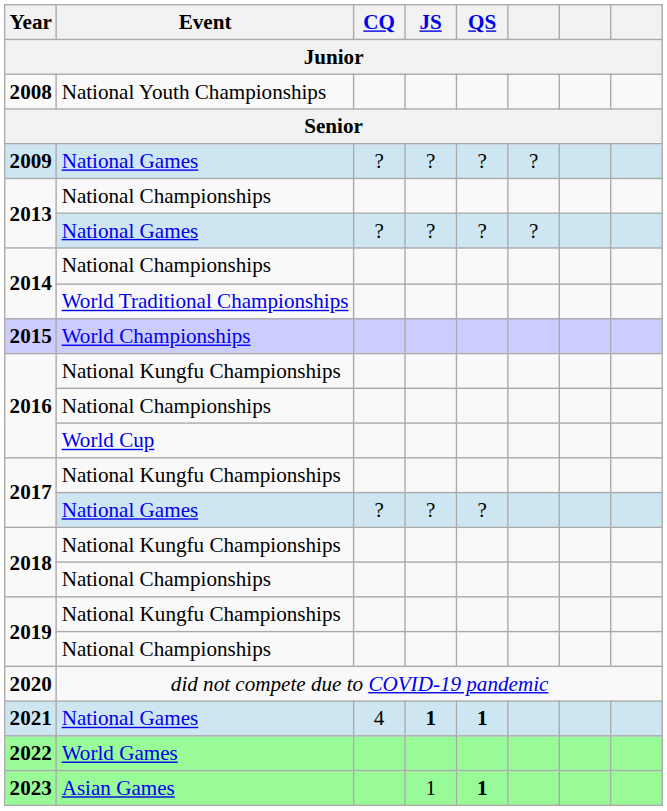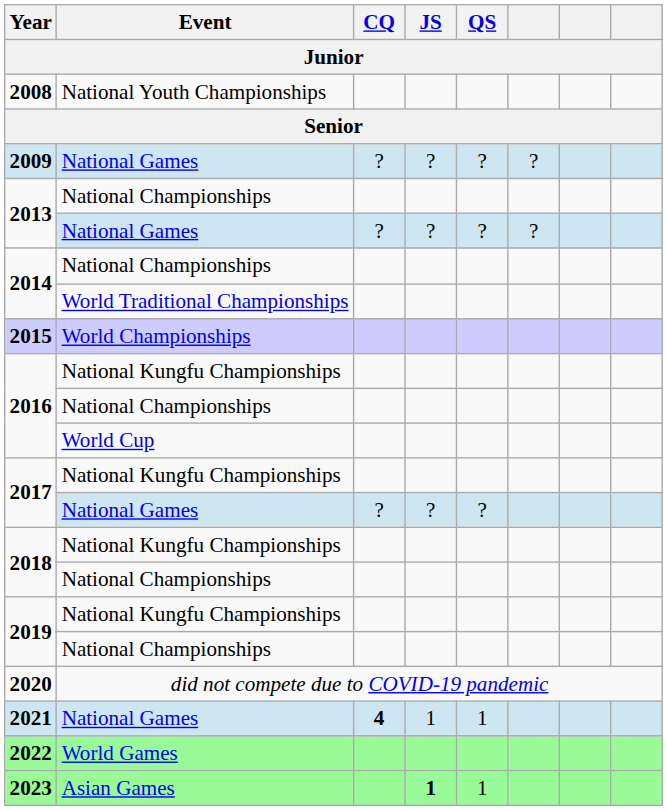 <table class="wikitable" style="text-align:center; font-size:95%;">
 <tr>
 <th align="center">Year</th>
 <th align="center">Event</th>
 <th style="width:30px;"><a href='#'>CQ</a></th>
 <th style="width:30px;"><a href='#'>JS</a></th>
 <th style="width:30px;"><a href='#'>QS</a></th>
 <th style="width:30px;"></th>
 <th style="width:30px;"></th>
 <th style="width:30px;"></th>
 </tr>
 <tr>
 <th colspan="8"><strong>Junior</strong></th>
 </tr>
 <tr>
 <td><strong>2008</strong></td>
 <td align="left">National Youth Championships</td>
 <td></td>
 <td></td>
 <td></td>
 <td></td>
 <td></td>
 <td></td>
 </tr>
 <tr>
 <th colspan="8"><strong>Senior</strong></th>
 </tr>
 <tr style="background:#CEE6F2;">
 <td><strong>2009</strong></td>
 <td align="left"><a href='#'>National Games</a></td>
 <td>?</td>
 <td>?</td>
 <td>?</td>
 <td>?</td>
 <td></td>
 <td></td>
 </tr>
 <tr>
 <td rowspan="2"><strong>2013</strong></td>
 <td align="left">National Championships</td>
 <td></td>
 <td></td>
 <td></td>
 <td></td>
 <td></td>
 <td></td>
 </tr>
 <tr style="background:#CEE6F2">
 <td align="left"><a href='#'>National Games</a></td>
 <td>?</td>
 <td>?</td>
 <td>?</td>
 <td>?</td>
 <td></td>
 <td></td>
 </tr>
 <tr>
 <td rowspan="2"><strong>2014</strong></td>
 <td align="left">National Championships</td>
 <td></td>
 <td></td>
 <td></td>
 <td></td>
 <td></td>
 <td></td>
 </tr>
 <tr>
 <td align="left"><a href='#'>World Traditional Championships</a></td>
 <td></td>
 <td></td>
 <td></td>
 <td></td>
 <td></td>
 <td></td>
 </tr>
 <tr style="background:#ccf">
 <td><strong>2015</strong></td>
 <td align="left"><a href='#'>World Championships</a></td>
 <td></td>
 <td></td>
 <td></td>
 <td></td>
 <td></td>
 <td></td>
 </tr>
 <tr>
 <td rowspan="3"><strong>2016</strong></td>
 <td align="left">National Kungfu Championships</td>
 <td></td>
 <td></td>
 <td></td>
 <td></td>
 <td></td>
 <td></td>
 </tr>
 <tr>
 <td align="left">National Championships</td>
 <td></td>
 <td></td>
 <td></td>
 <td></td>
 <td></td>
 <td></td>
 </tr>
 <tr>
 <td align="left"><a href='#'>World Cup</a></td>
 <td></td>
 <td></td>
 <td></td>
 <td></td>
 <td></td>
 <td></td>
 </tr>
 <tr>
 <td rowspan="2"><strong>2017</strong></td>
 <td align="left">National Kungfu Championships</td>
 <td></td>
 <td></td>
 <td></td>
 <td></td>
 <td></td>
 <td></td>
 </tr>
 <tr style="background:#CEE6F2">
 <td align="left"><a href='#'>National Games</a></td>
 <td>?</td>
 <td>?</td>
 <td>?</td>
 <td></td>
 <td></td>
 <td></td>
 </tr>
 <tr>
 <td rowspan="2"><strong>2018</strong></td>
 <td align="left">National Kungfu Championships</td>
 <td></td>
 <td></td>
 <td></td>
 <td></td>
 <td></td>
 <td></td>
 </tr>
 <tr>
 <td align="left">National Championships</td>
 <td></td>
 <td></td>
 <td></td>
 <td></td>
 <td></td>
 <td></td>
 </tr>
 <tr>
 <td rowspan="2"><strong>2019</strong></td>
 <td align="left">National Kungfu Championships</td>
 <td></td>
 <td></td>
 <td></td>
 <td></td>
 <td></td>
 <td></td>
 </tr>
 <tr>
 <td align="left">National Championships</td>
 <td></td>
 <td></td>
 <td></td>
 <td></td>
 <td></td>
 <td></td>
 </tr>
 <tr>
 <td><strong>2020</strong></td>
 <td colspan="7"><em>did not compete due to <a href='#'>COVID-19 pandemic</a></em></td>
 </tr>
 <tr style="background:#CEE6F2">
 <td><strong>2021</strong></td>
 <td align="left"><a href='#'>National Games</a></td>
-<td>4</td>
-<td><strong>1</strong></td>
-<td><strong>1</strong></td>
+<td><strong>4</strong></td>
+<td>1</td>
+<td>1</td>
 <td></td>
 <td></td>
 <td></td>
 </tr>
 <tr style="background:#98fb98">
 <td><strong>2022</strong></td>
 <td align="left"><a href='#'>World Games</a></td>
 <td></td>
 <td></td>
 <td></td>
 <td></td>
 <td></td>
 <td></td>
 </tr>
 <tr style="background:#98fb98">
 <td><strong>2023</strong></td>
 <td align="left"><a href='#'>Asian Games</a></td>
 <td></td>
+<td><strong>1</strong></td>
 <td>1</td>
-<td><strong>1</strong></td>
 <td></td>
 <td></td>
 <td></td>
 </tr>
 </table>
